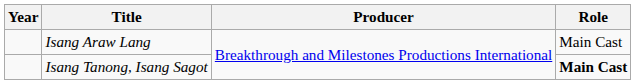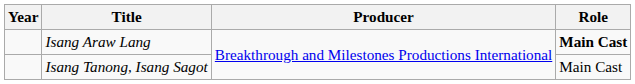 <table class="wikitable" style="font-size: 95%;">
 <tr>
 <th>Year</th>
 <th>Title</th>
 <th>Producer</th>
 <th>Role</th>
 </tr>
 <tr>
 <td></td>
 <td><em>Isang Araw Lang</em></td>
 <td rowspan="2"><a href='#'>Breakthrough and Milestones Productions International</a></td>
-<td>Main Cast</td>
+<td><strong>Main Cast</strong></td>
 </tr>
 <tr>
 <td></td>
 <td><em>Isang Tanong, Isang Sagot</em></td>
-<td><strong>Main Cast</strong></td>
+<td>Main Cast</td>
 </tr>
 </table>
